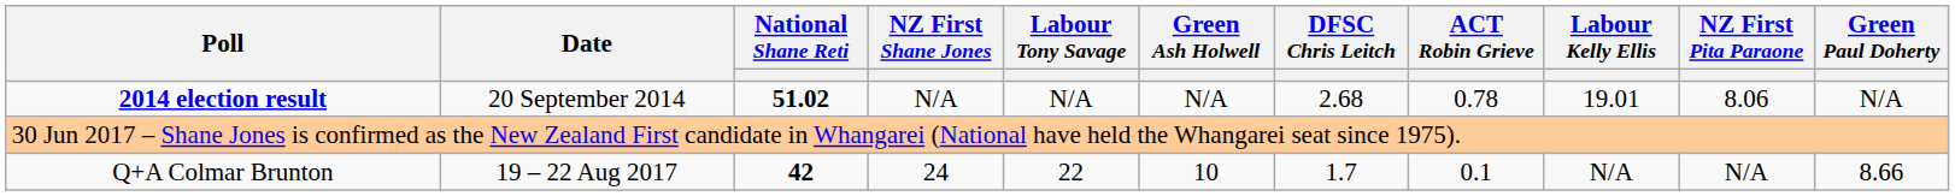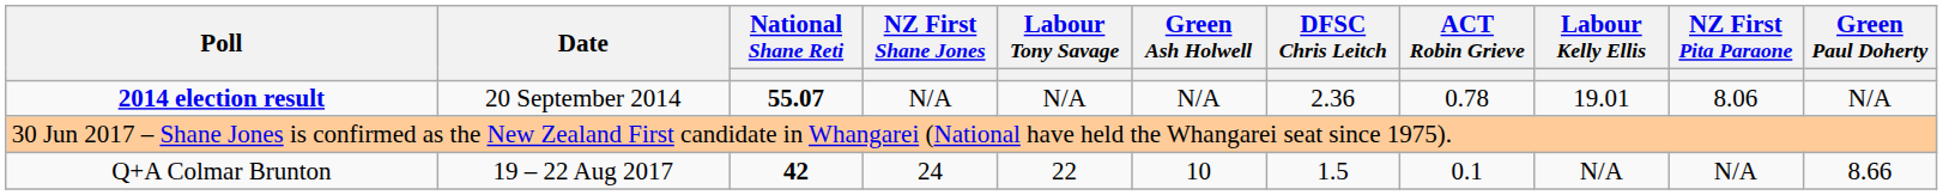 <table class="wikitable" style="font-size:90%; line-height:14px; text-align:center">
 <tr>
 <th style="width:240px;" rowspan="2">Poll</th>
 <th style="width:160px;" rowspan="2">Date </th>
 <th style="width:70px;" r bgcolor=><a href='#'>National</a><br><small><em><a href='#'>Shane Reti</a></em></small></th>
 <th style="width:70px;" r bgcolor=><a href='#'>NZ First</a><br><small><em><a href='#'>Shane Jones</a></em></small></th>
 <th style="width:70px;" r bgcolor=><a href='#'>Labour</a><br><small><em>Tony Savage</em></small></th>
 <th style="width:70px;" r bgcolor=><a href='#'>Green</a><br><small><em>Ash Holwell</em></small></th>
 <th style="width:70px;" r bgcolor=><a href='#'>DFSC</a><br><small><em>Chris Leitch</em></small></th>
 <th style="width:70px;" r bgcolor=><a href='#'>ACT</a><br><small><em>Robin Grieve</em></small></th>
 <th style="width:70px;" r bgcolor=><a href='#'>Labour</a><br><small><em>Kelly Ellis</em></small></th>
 <th style="width:70px;" r bgcolor=><a href='#'>NZ First</a><br><small><em><a href='#'>Pita Paraone</a></em></small></th>
 <th style="width:70px;" r bgcolor=><a href='#'>Green</a><br><small><em>Paul Doherty</em></small></th>
 </tr>
 <tr>
 <th class="unsortable" style="color:inherit;background:"></th>
 <th class="unsortable" style="color:inherit;background:"></th>
 <th class="unsortable" style="color:inherit;background:"></th>
 <th class="unsortable" style="color:inherit;background:"></th>
 <th class="unsortable" style="color:inherit;background:"></th>
 <th class="unsortable" style="color:inherit;background:"></th>
 <th class="unsortable" style="color:inherit;background:"></th>
 <th class="unsortable" style="color:inherit;background:"></th>
 <th class="unsortable" style="color:inherit;background:"></th>
 </tr>
 <tr>
 <td><strong><a href='#'>2014 election result</a></strong></td>
 <td>20 September 2014</td>
-<td><strong>51.02</strong></td>
+<td><strong>55.07</strong></td>
 <td>N/A</td>
 <td>N/A</td>
 <td>N/A</td>
-<td>2.68</td>
+<td>2.36</td>
 <td>0.78</td>
 <td>19.01</td>
 <td>8.06</td>
 <td>N/A</td>
 </tr>
 <tr>
 <td colspan="12" style="background:#fc9;text-align:left;">30 Jun 2017 – <a href='#'>Shane Jones</a> is confirmed as the <a href='#'>New Zealand First</a> candidate in <a href='#'>Whangarei</a> (<a href='#'>National</a> have held the Whangarei seat since 1975).</td>
 </tr>
 <tr>
 <td>Q+A Colmar Brunton</td>
 <td>19 – 22 Aug 2017</td>
 <td><strong>42</strong></td>
 <td>24</td>
 <td>22</td>
 <td>10</td>
-<td>1.7</td>
+<td>1.5</td>
 <td>0.1</td>
 <td>N/A</td>
 <td>N/A</td>
 <td>8.66</td>
 </tr>
 </table>
